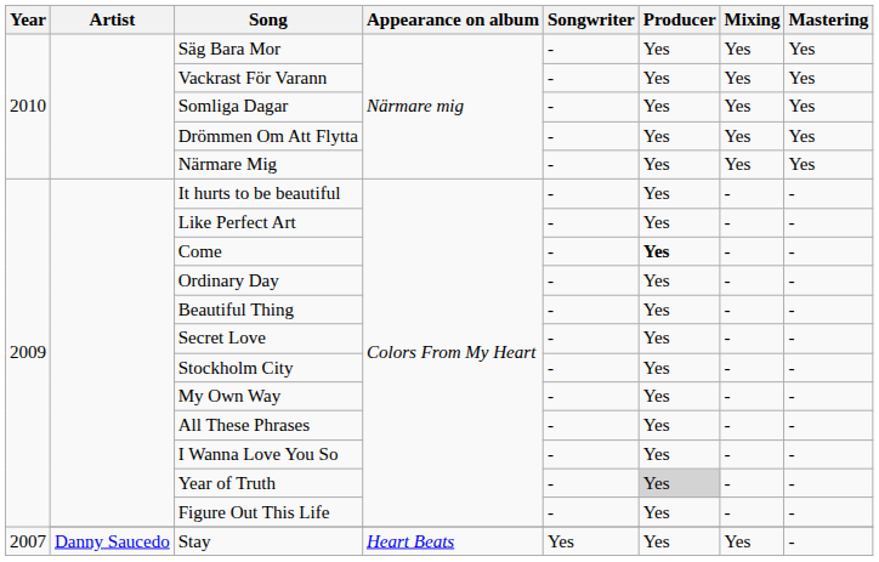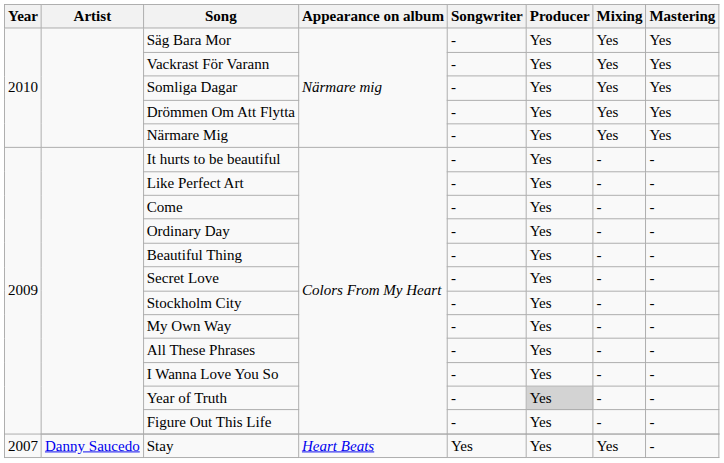 <table class=wikitable>
 <tr>
 <th>Year</th>
 <th>Artist</th>
 <th>Song</th>
 <th>Appearance on album</th>
 <th>Songwriter</th>
 <th>Producer</th>
 <th>Mixing</th>
 <th>Mastering</th>
 </tr>
 <tr>
 <td rowspan=5>2010</td>
 <td rowspan=5></td>
 <td>Säg Bara Mor</td>
 <td rowspan=5><em>Närmare mig</em></td>
 <td>-</td>
 <td>Yes</td>
 <td>Yes</td>
 <td>Yes</td>
 </tr>
 <tr>
 <td>Vackrast För Varann</td>
 <td>-</td>
 <td>Yes</td>
 <td>Yes</td>
 <td>Yes</td>
 </tr>
 <tr>
 <td>Somliga Dagar</td>
 <td>-</td>
 <td>Yes</td>
 <td>Yes</td>
 <td>Yes</td>
 </tr>
 <tr>
 <td>Drömmen Om Att Flytta</td>
 <td>-</td>
 <td>Yes</td>
 <td>Yes</td>
 <td>Yes</td>
 </tr>
 <tr>
 <td>Närmare Mig</td>
 <td>-</td>
 <td>Yes</td>
 <td>Yes</td>
 <td>Yes</td>
 </tr>
 <tr>
 <td rowspan=12>2009</td>
 <td rowspan=12></td>
 <td>It hurts to be beautiful</td>
 <td rowspan=12><em>Colors From My Heart</em></td>
 <td>-</td>
 <td>Yes</td>
 <td>-</td>
 <td>-</td>
 </tr>
 <tr>
 <td>Like Perfect Art</td>
 <td>-</td>
 <td>Yes</td>
 <td>-</td>
 <td>-</td>
 </tr>
 <tr>
 <td>Come</td>
 <td>-</td>
-<td><strong>Yes</strong></td>
+<td>Yes</td>
 <td>-</td>
 <td>-</td>
 </tr>
 <tr>
 <td>Ordinary Day</td>
 <td>-</td>
 <td>Yes</td>
 <td>-</td>
 <td>-</td>
 </tr>
 <tr>
 <td>Beautiful Thing</td>
 <td>-</td>
 <td>Yes</td>
 <td>-</td>
 <td>-</td>
 </tr>
 <tr>
 <td>Secret Love</td>
 <td>-</td>
 <td>Yes</td>
 <td>-</td>
 <td>-</td>
 </tr>
 <tr>
 <td>Stockholm City</td>
 <td>-</td>
 <td>Yes</td>
 <td>-</td>
 <td>-</td>
 </tr>
 <tr>
 <td>My Own Way</td>
 <td>-</td>
 <td>Yes</td>
 <td>-</td>
 <td>-</td>
 </tr>
 <tr>
 <td>All These Phrases</td>
 <td>-</td>
 <td>Yes</td>
 <td>-</td>
 <td>-</td>
 </tr>
 <tr>
 <td>I Wanna Love You So</td>
 <td>-</td>
 <td>Yes</td>
 <td>-</td>
 <td>-</td>
 </tr>
 <tr>
 <td>Year of Truth</td>
 <td>-</td>
 <td style="background: lightgrey;">Yes</td>
 <td>-</td>
 <td>-</td>
 </tr>
 <tr>
 <td>Figure Out This Life</td>
 <td>-</td>
 <td>Yes</td>
 <td>-</td>
 <td>-</td>
 </tr>
 <tr>
 <td rowspan=2>2007</td>
 </tr>
 <tr>
 <td><a href='#'>Danny Saucedo</a></td>
 <td>Stay</td>
 <td><em><a href='#'>Heart Beats</a></em></td>
 <td>Yes</td>
 <td>Yes</td>
 <td>Yes</td>
 <td>-</td>
 </tr>
 </table>
